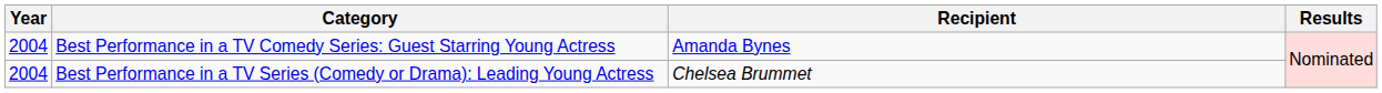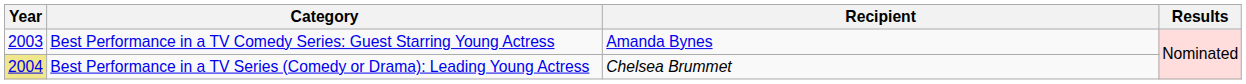 <table class="wikitable">
 <tr>
 <th scope="col" style="width:1em;">Year</th>
 <th scope="col" style="width:35em;">Category</th>
 <th scope="col" style="width:35em;">Recipient</th>
 <th>Results</th>
 </tr>
 <tr>
-<td><a href='#'>2004</a></td>
+<td><a href='#'>2003</a></td>
 <td><a href='#'>Best Performance in a TV Comedy Series: Guest Starring Young Actress</a></td>
 <td><a href='#'>Amanda Bynes</a></td>
 <td colspan="1" rowspan="2" style="background: #ffdddd" align="center">Nominated</td>
 </tr>
 <tr>
-<td><a href='#'>2004</a></td>
+<td style="background: khaki;"><a href='#'>2004</a></td>
 <td><a href='#'>Best Performance in a TV Series (Comedy or Drama): Leading Young Actress</a></td>
 <td><em>Chelsea Brummet</em></td>
 </tr>
 </table>
